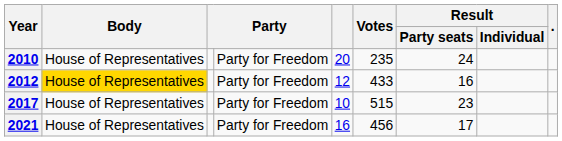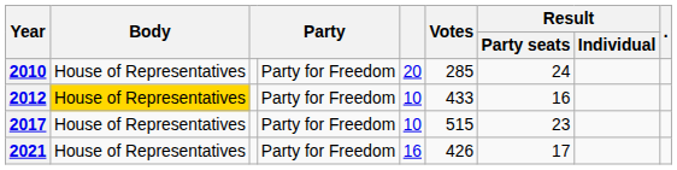 <table class="wikitable plainrowheaders sortable" border=2 cellpadding=4 cellspacing=0 style="border: 1px #aaa solid; font-size: 90%; text-align:center;">
 <tr>
 <th scope="col" rowspan=2>Year</th>
 <th scope="col" rowspan=2>Body</th>
 <th scope="col" colspan=2 rowspan=2>Party</th>
 <th scope="col" rowspan=2></th>
 <th scope="col" rowspan=2>Votes</th>
 <th scope="colgroup" colspan=2>Result</th>
 <th scope="col" rowspan=2 class="unsortable">.</th>
 </tr>
 <tr>
 <th scope="col">Party seats</th>
 <th scope="col">Individual</th>
 </tr>
 <tr>
 <th scope="row"><a href='#'>2010</a></th>
 <td>House of Representatives</td>
 <td style="background-color:"></td>
 <td>Party for Freedom</td>
 <td style=text-align:right><a href='#'>20</a></td>
-<td style=text-align:right>235</td>
+<td style=text-align:right>285</td>
 <td style=text-align:right>24</td>
 <td></td>
 <td></td>
 </tr>
 <tr>
 <th scope="row"><a href='#'>2012</a></th>
 <td style="background: gold;">House of Representatives</td>
 <td style="background-color:"></td>
 <td>Party for Freedom</td>
-<td style=text-align:right><a href='#'>12</a></td>
+<td style=text-align:right><a href='#'>10</a></td>
 <td style=text-align:right>433</td>
 <td style=text-align:right>16</td>
 <td></td>
 <td></td>
 </tr>
 <tr>
 <th scope="row"><a href='#'>2017</a></th>
 <td>House of Representatives</td>
 <td style="background-color:"></td>
 <td>Party for Freedom</td>
 <td style=text-align:right><a href='#'>10</a></td>
 <td style=text-align:right>515</td>
 <td style=text-align:right>23</td>
 <td></td>
 <td></td>
 </tr>
 <tr>
 <th scope="row"><a href='#'>2021</a></th>
 <td>House of Representatives</td>
 <td style="background-color:"></td>
 <td>Party for Freedom</td>
 <td style=text-align:right><a href='#'>16</a></td>
-<td style=text-align:right>456</td>
+<td style=text-align:right>426</td>
 <td style=text-align:right>17</td>
 <td></td>
 <td></td>
 </tr>
 </table>
